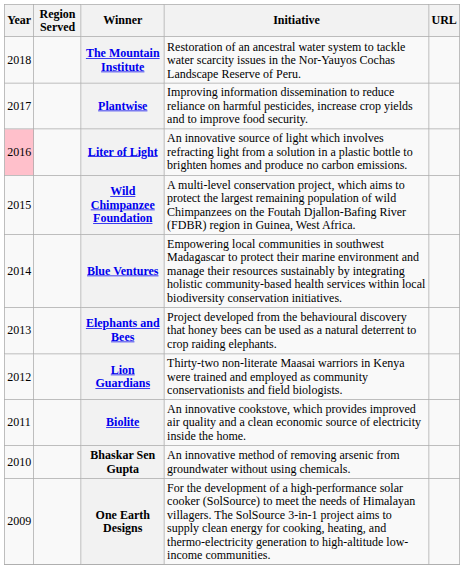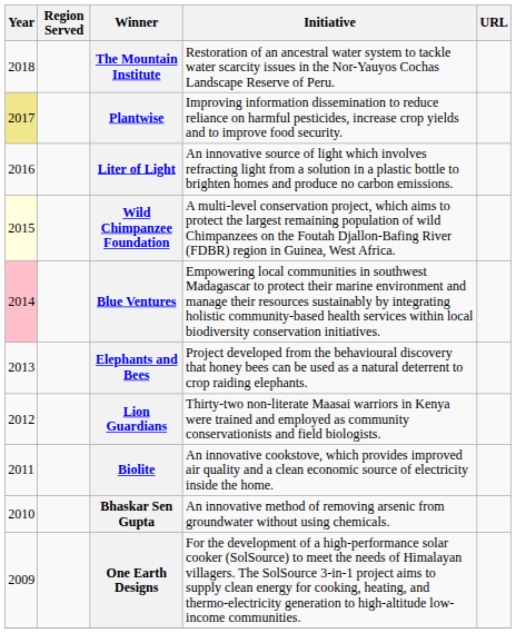 <table class="wikitable sortable">
 <tr>
 <th>Year</th>
 <th>Region Served</th>
 <th>Winner</th>
 <th>Initiative</th>
 <th>URL</th>
 </tr>
 <tr>
 <td>2018</td>
 <td></td>
 <th><a href='#'>The Mountain Institute</a></th>
 <td>Restoration of an ancestral water system to tackle water scarcity issues in the Nor-Yauyos Cochas Landscape Reserve of Peru.</td>
 <td></td>
 </tr>
 <tr>
-<td>2017</td>
+<td style="background: khaki;">2017</td>
 <td></td>
 <th><a href='#'>Plantwise</a></th>
 <td>Improving information dissemination to reduce reliance on harmful pesticides, increase crop yields and to improve food security.</td>
 <td></td>
 </tr>
 <tr>
-<td style="background: pink;">2016</td>
+<td>2016</td>
 <td></td>
 <th><a href='#'>Liter of Light</a></th>
 <td>An innovative source of light which involves refracting light from a solution in a plastic bottle to brighten homes and produce no carbon emissions.</td>
 <td></td>
 </tr>
 <tr>
-<td>2015</td>
+<td style="background: lightyellow;">2015</td>
 <td></td>
 <th><a href='#'>Wild Chimpanzee Foundation</a></th>
 <td>A multi-level conservation project, which aims to protect the largest remaining population of wild Chimpanzees on the Foutah Djallon-Bafing River (FDBR) region in Guinea, West Africa.</td>
 <td></td>
 </tr>
 <tr>
-<td>2014</td>
+<td style="background: pink;">2014</td>
 <td></td>
 <th><a href='#'>Blue Ventures</a></th>
 <td>Empowering local communities in southwest Madagascar to protect their marine environment and manage their resources sustainably by integrating holistic community-based health services within local biodiversity conservation initiatives.</td>
 <td></td>
 </tr>
 <tr>
 <td>2013</td>
 <td></td>
 <th><a href='#'>Elephants and Bees</a></th>
 <td>Project developed from the behavioural discovery that honey bees can be used as a natural deterrent to crop raiding elephants.</td>
 <td></td>
 </tr>
 <tr>
 <td>2012</td>
 <td></td>
 <th><a href='#'>Lion Guardians</a></th>
 <td>Thirty-two non-literate Maasai warriors in Kenya were trained and employed as community conservationists and field biologists.</td>
 <td></td>
 </tr>
 <tr>
 <td>2011</td>
 <td></td>
 <th><a href='#'>Biolite</a></th>
 <td>An innovative cookstove, which provides improved air quality and a clean economic source of electricity inside the home.</td>
 <td></td>
 </tr>
 <tr>
 <td>2010</td>
 <td></td>
 <th>Bhaskar Sen Gupta</th>
 <td>An innovative method of removing arsenic from groundwater without using chemicals.</td>
 <td></td>
 </tr>
 <tr>
 <td>2009</td>
 <td></td>
 <th>One Earth Designs</th>
 <td>For the development of a high-performance solar cooker (SolSource) to meet the needs of Himalayan villagers. The SolSource 3-in-1 project aims to supply clean energy for cooking, heating, and thermo-electricity generation to high-altitude low-income communities.</td>
 <td></td>
 </tr>
 <tr>
 </tr>
 </table>
